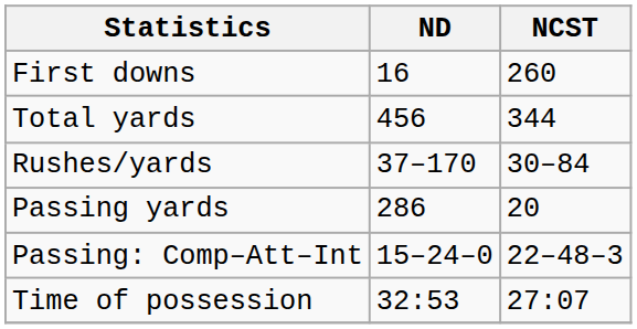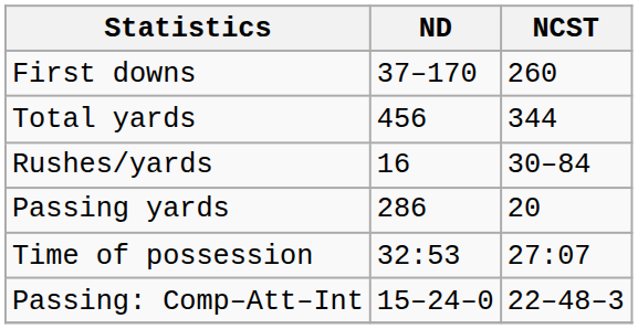 <table class="wikitable" style="float: left;">
 <tr>
 <th>Statistics</th>
 <th>ND</th>
 <th>NCST</th>
 </tr>
 <tr>
 <td>First downs</td>
-<td>16</td>
+<td>37–170</td>
 <td>260</td>
 </tr>
 <tr>
 <td>Total yards</td>
 <td>456</td>
 <td>344</td>
 </tr>
 <tr>
 <td>Rushes/yards</td>
-<td>37–170</td>
+<td>16</td>
 <td>30–84</td>
 </tr>
 <tr>
 <td>Passing yards</td>
 <td>286</td>
 <td>20</td>
 </tr>
 <tr>
+<td>Time of possession</td>
+<td>32:53</td>
+<td>27:07</td>
+</tr>
+<tr>
 <td>Passing: Comp–Att–Int</td>
 <td>15–24–0</td>
 <td>22–48–3</td>
 </tr>
 <tr>
-<td>Time of possession</td>
-<td>32:53</td>
-<td>27:07</td>
-</tr>
-<tr>
 </tr>
 </table>
